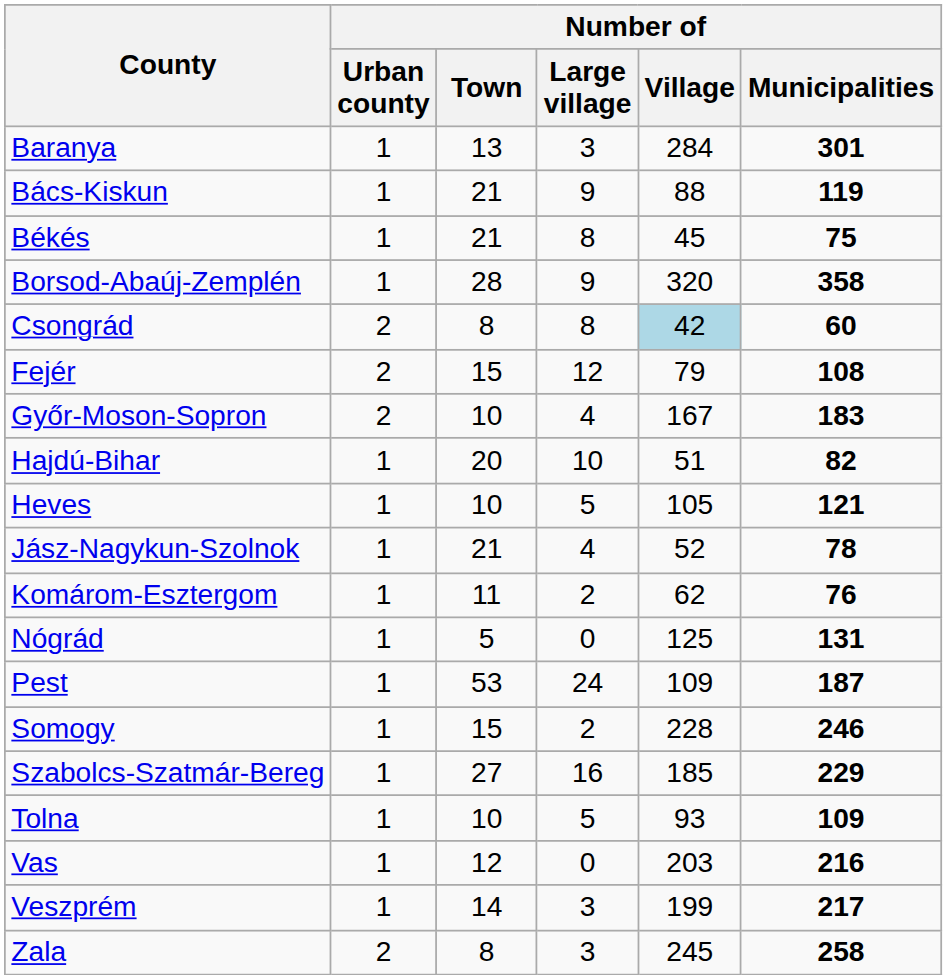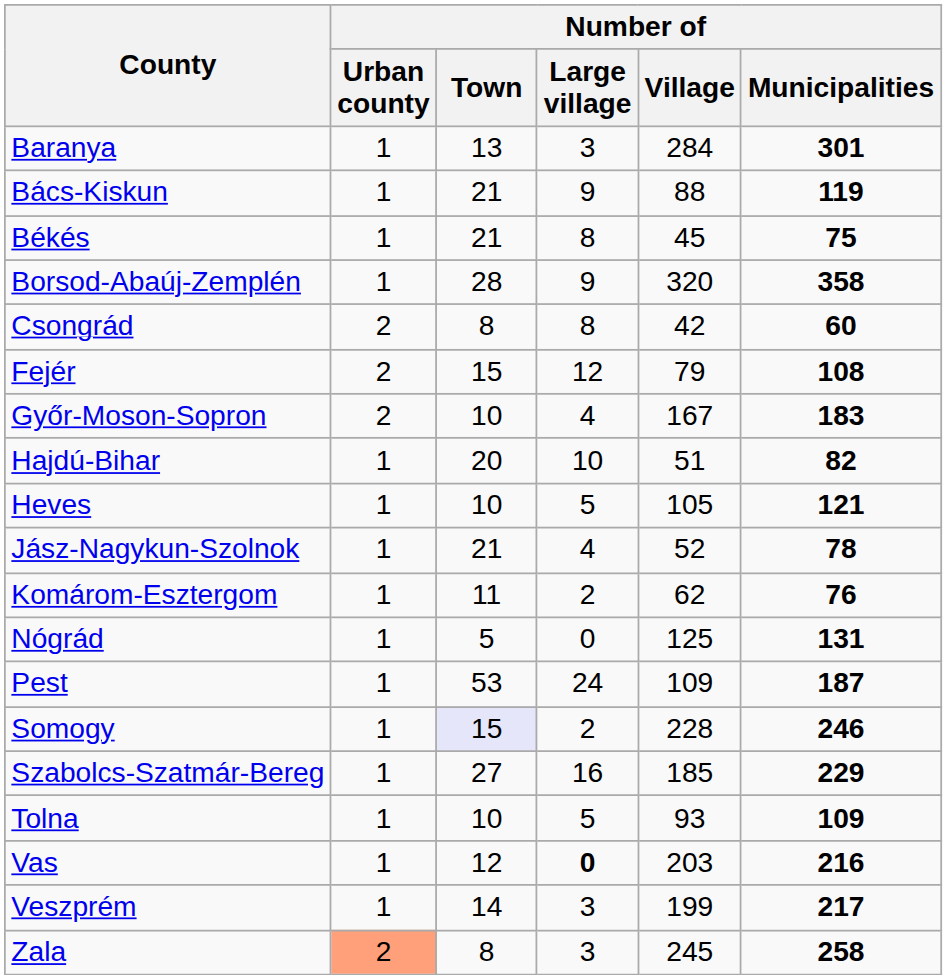 <table class="wikitable sortable">
 <tr>
 <th rowspan=2; scope="col">County</th>
 <th colspan=6; scope="col">Number of</th>
 </tr>
 <tr>
 <th width="50">Urban<br>county</th>
 <th width="50">Town</th>
 <th width="50">Large<br>village</th>
 <th width="50">Village</th>
 <th>Municipalities</th>
 </tr>
 <tr align="center">
 <td align="left"><a href='#'>Baranya</a></td>
 <td>1</td>
 <td>13</td>
 <td>3</td>
 <td>284</td>
 <td><strong>301</strong></td>
 </tr>
 <tr align="center">
 <td align="left"><a href='#'>Bács-Kiskun</a></td>
 <td>1</td>
 <td>21</td>
 <td>9</td>
 <td>88</td>
 <td><strong>119</strong></td>
 </tr>
 <tr align="center">
 <td align="left"><a href='#'>Békés</a></td>
 <td>1</td>
 <td>21</td>
 <td>8</td>
 <td>45</td>
 <td><strong>75</strong></td>
 </tr>
 <tr align="center">
 <td align="left"><a href='#'>Borsod-Abaúj-Zemplén</a></td>
 <td>1</td>
 <td>28</td>
 <td>9</td>
 <td>320</td>
 <td><strong>358</strong></td>
 </tr>
 <tr align="center">
 <td align="left"><a href='#'>Csongrád</a></td>
 <td>2</td>
 <td>8</td>
 <td>8</td>
-<td style="background: lightblue;">42</td>
+<td>42</td>
 <td><strong>60</strong></td>
 </tr>
 <tr align="center">
 <td align="left"><a href='#'>Fejér</a></td>
 <td>2</td>
 <td>15</td>
 <td>12</td>
 <td>79</td>
 <td><strong>108</strong></td>
 </tr>
 <tr align="center">
 <td align="left"><a href='#'>Győr-Moson-Sopron</a></td>
 <td>2</td>
 <td>10</td>
 <td>4</td>
 <td>167</td>
 <td><strong>183</strong></td>
 </tr>
 <tr align="center">
 <td align="left"><a href='#'>Hajdú-Bihar</a></td>
 <td>1</td>
 <td>20</td>
 <td>10</td>
 <td>51</td>
 <td><strong>82</strong></td>
 </tr>
 <tr align="center">
 <td align="left"><a href='#'>Heves</a></td>
 <td>1</td>
 <td>10</td>
 <td>5</td>
 <td>105</td>
 <td><strong>121</strong></td>
 </tr>
 <tr align="center">
 <td align="left"><a href='#'>Jász-Nagykun-Szolnok</a></td>
 <td>1</td>
 <td>21</td>
 <td>4</td>
 <td>52</td>
 <td><strong>78</strong></td>
 </tr>
 <tr align="center">
 <td align="left"><a href='#'>Komárom-Esztergom</a></td>
 <td>1</td>
 <td>11</td>
 <td>2</td>
 <td>62</td>
 <td><strong>76</strong></td>
 </tr>
 <tr align="center">
 <td align="left"><a href='#'>Nógrád</a></td>
 <td>1</td>
 <td>5</td>
 <td>0</td>
 <td>125</td>
 <td><strong>131</strong></td>
 </tr>
 <tr align="center">
 <td align="left"><a href='#'>Pest</a></td>
 <td>1</td>
 <td>53</td>
 <td>24</td>
 <td>109</td>
 <td><strong>187</strong></td>
 </tr>
 <tr align="center">
 <td align="left"><a href='#'>Somogy</a></td>
 <td>1</td>
-<td>15</td>
+<td style="background: lavender;">15</td>
 <td>2</td>
 <td>228</td>
 <td><strong>246</strong></td>
 </tr>
 <tr align="center">
 <td align="left"><a href='#'>Szabolcs-Szatmár-Bereg</a></td>
 <td>1</td>
 <td>27</td>
 <td>16</td>
 <td>185</td>
 <td><strong>229</strong></td>
 </tr>
 <tr align="center">
 <td align="left"><a href='#'>Tolna</a></td>
 <td>1</td>
 <td>10</td>
 <td>5</td>
 <td>93</td>
 <td><strong>109</strong></td>
 </tr>
 <tr align="center">
 <td align="left"><a href='#'>Vas</a></td>
 <td>1</td>
 <td>12</td>
-<td>0</td>
+<td><strong>0</strong></td>
 <td>203</td>
 <td><strong>216</strong></td>
 </tr>
 <tr align="center">
 <td align="left"><a href='#'>Veszprém</a></td>
 <td>1</td>
 <td>14</td>
 <td>3</td>
 <td>199</td>
 <td><strong>217</strong></td>
 </tr>
 <tr align="center">
 <td align="left"><a href='#'>Zala</a></td>
-<td>2</td>
+<td style="background: lightsalmon;">2</td>
 <td>8</td>
 <td>3</td>
 <td>245</td>
 <td><strong>258</strong></td>
 </tr>
 </table>
